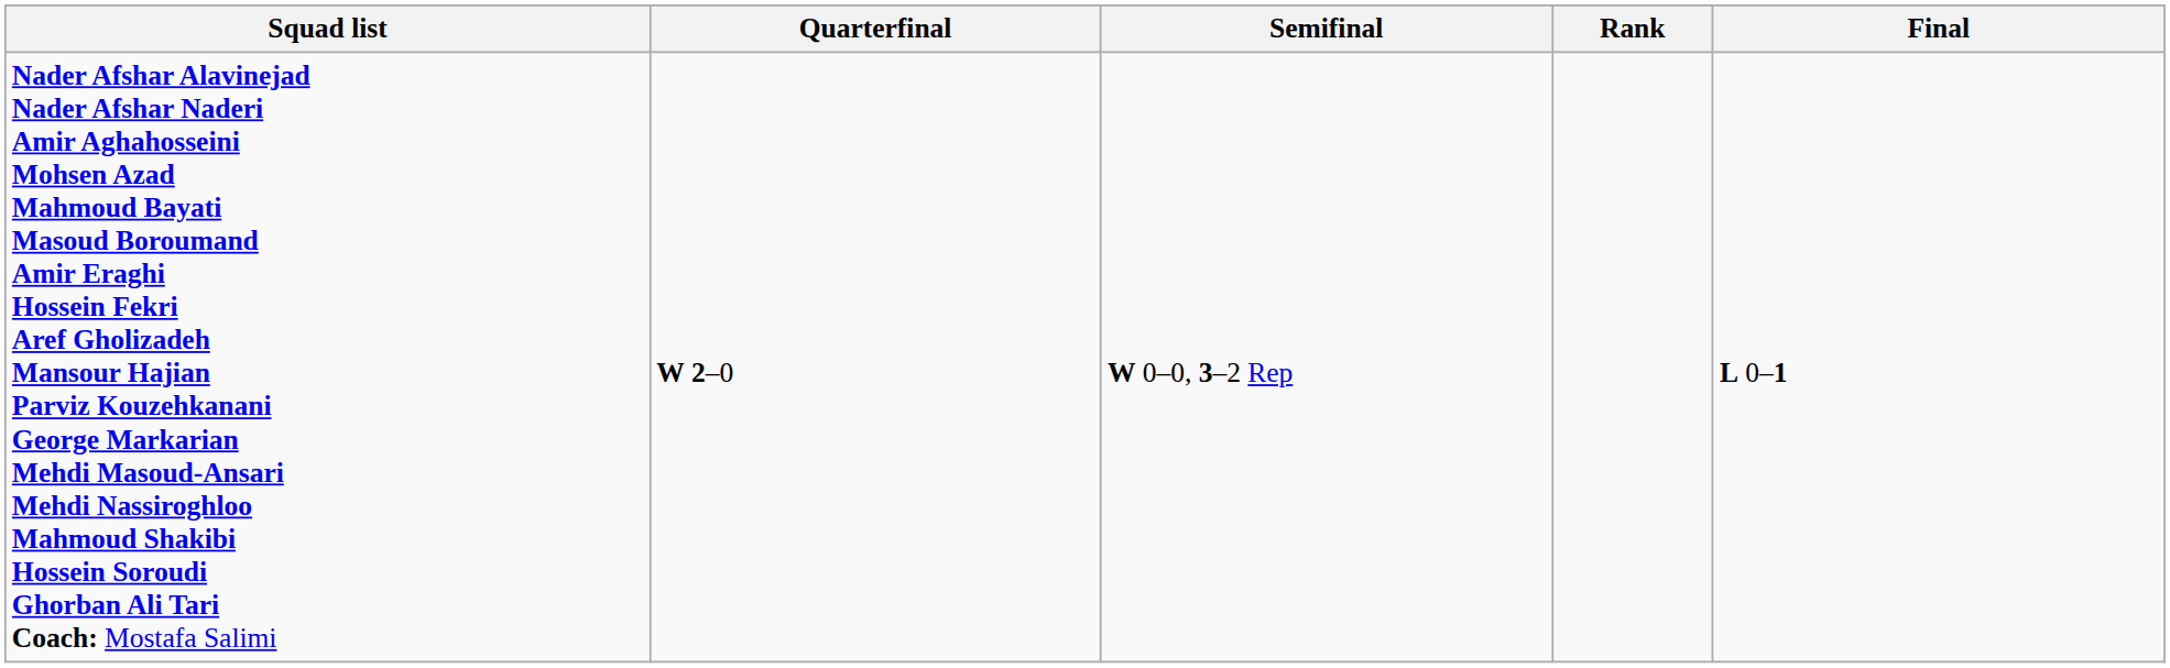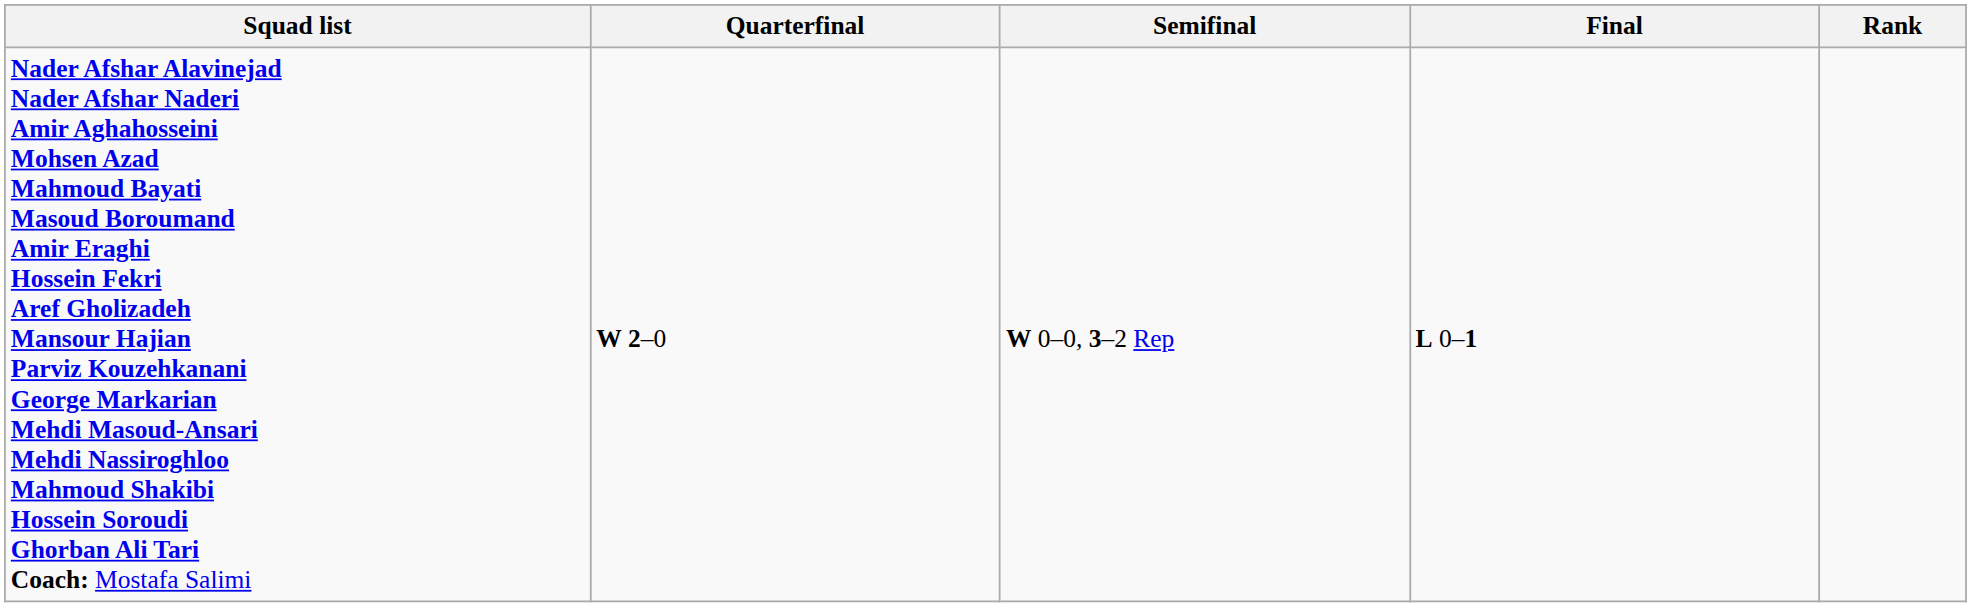 <table class="wikitable" width="70%" style="text-align:left; font-size:90%">
 <tr>
 <th width="20%">Squad list</th>
 <th width="14%">Quarterfinal</th>
 <th width="14%">Semifinal</th>
+<th width="14%">Final</th>
 <th width="5%">Rank</th>
-<th width="14%">Final</th>
 </tr>
 <tr>
 <td><strong><a href='#'>Nader Afshar Alavinejad</a><br><a href='#'>Nader Afshar Naderi</a><br><a href='#'>Amir Aghahosseini</a><br><a href='#'>Mohsen Azad</a><br><a href='#'>Mahmoud Bayati</a><br><a href='#'>Masoud Boroumand</a><br><a href='#'>Amir Eraghi</a><br><a href='#'>Hossein Fekri</a><br><a href='#'>Aref Gholizadeh</a><br><a href='#'>Mansour Hajian</a><br><a href='#'>Parviz Kouzehkanani</a><br><a href='#'>George Markarian</a><br><a href='#'>Mehdi Masoud-Ansari</a><br><a href='#'>Mehdi Nassiroghloo</a><br><a href='#'>Mahmoud Shakibi</a><br><a href='#'>Hossein Soroudi</a><br><a href='#'>Ghorban Ali Tari</a><br>Coach:</strong> <a href='#'>Mostafa Salimi</a></td>
 <td><br><strong>W</strong> <strong>2</strong>–0</td>
 <td><br><strong>W</strong> 0–0, <strong>3</strong>–2 <a href='#'>Rep</a></td>
+<td><br><strong>L</strong> 0–<strong>1</strong></td>
 <td align="center"></td>
-<td><br><strong>L</strong> 0–<strong>1</strong></td>
 </tr>
 </table>
